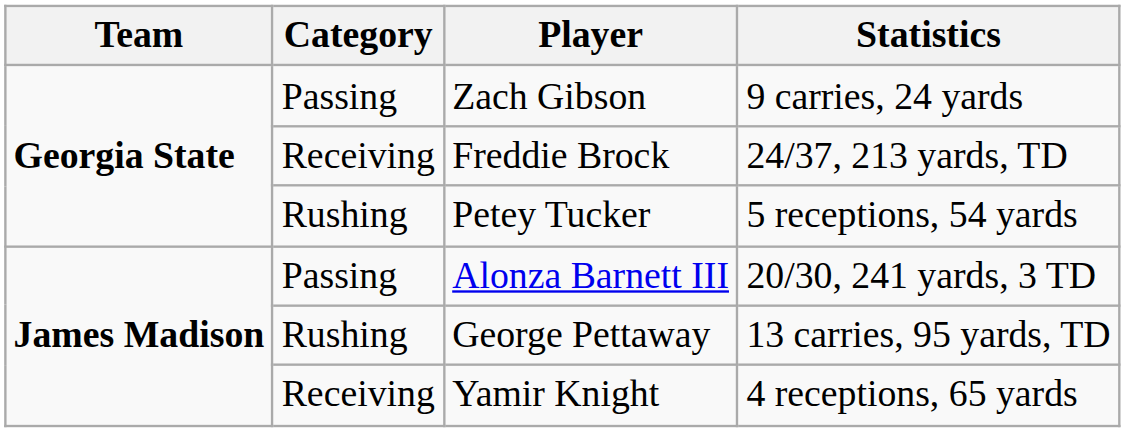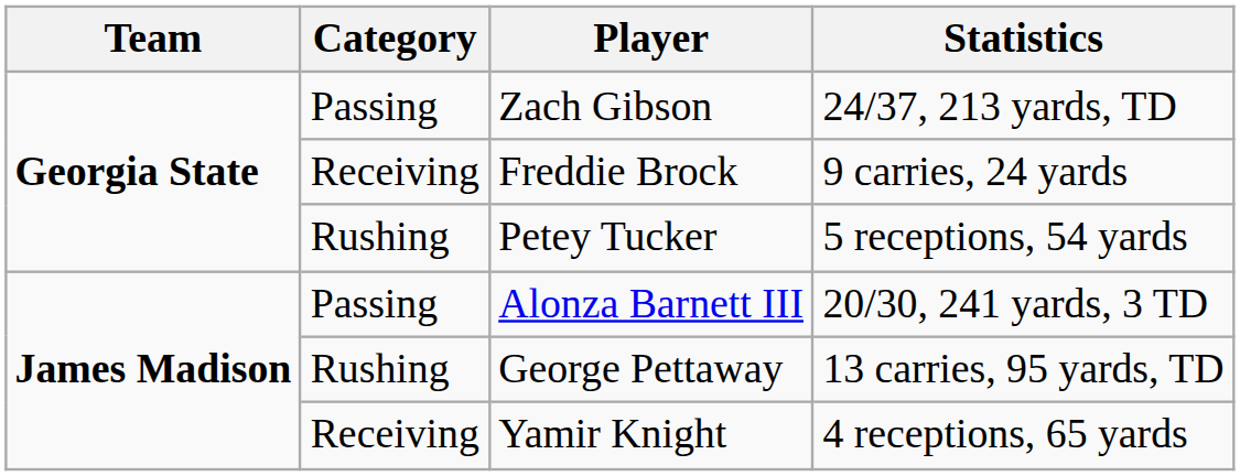 <table class="wikitable" style="float: right;">
 <tr>
 <th>Team</th>
 <th>Category</th>
 <th>Player</th>
 <th>Statistics</th>
 </tr>
 <tr>
 <td rowspan=3><strong>Georgia State</strong></td>
 <td>Passing</td>
 <td>Zach Gibson</td>
-<td>9 carries, 24 yards</td>
+<td>24/37, 213 yards, TD</td>
 </tr>
 <tr>
 <td>Receiving</td>
 <td>Freddie Brock</td>
-<td>24/37, 213 yards, TD</td>
+<td>9 carries, 24 yards</td>
 </tr>
 <tr>
 <td>Rushing</td>
 <td>Petey Tucker</td>
 <td>5 receptions, 54 yards</td>
 </tr>
 <tr>
 <td rowspan=3><strong>James Madison</strong></td>
 <td>Passing</td>
 <td><a href='#'>Alonza Barnett III</a></td>
 <td>20/30, 241 yards, 3 TD</td>
 </tr>
 <tr>
 <td>Rushing</td>
 <td>George Pettaway</td>
 <td>13 carries, 95 yards, TD</td>
 </tr>
 <tr>
 <td>Receiving</td>
 <td>Yamir Knight</td>
 <td>4 receptions, 65 yards</td>
 </tr>
 </table>
